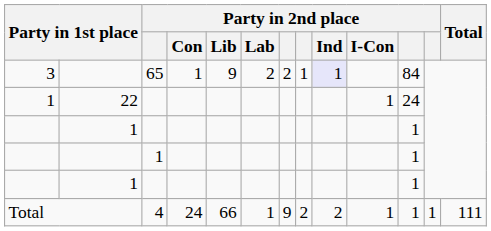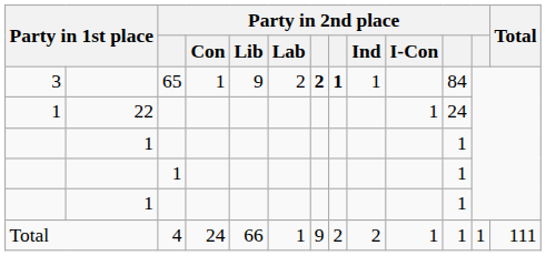 <table class="wikitable" style="text-align:right;">
 <tr>
 <th rowspan="2" colspan="2" style="text-align:left;">Party in 1st place</th>
 <th colspan="10">Party in 2nd place</th>
 <th rowspan="2">Total</th>
 </tr>
 <tr>
 <th></th>
 <th>Con</th>
 <th>Lib</th>
 <th>Lab</th>
 <th></th>
 <th></th>
 <th>Ind</th>
 <th>I-Con</th>
 <th></th>
 <th></th>
 </tr>
 <tr>
 <td>3</td>
 <td></td>
 <td>65</td>
 <td>1</td>
 <td>9</td>
 <td>2</td>
-<td>2</td>
+<td><strong>2</strong></td>
+<td><strong>1</strong></td>
 <td>1</td>
-<td style="background: lavender;">1</td>
 <td></td>
 <td>84</td>
 </tr>
 <tr>
 <td>1</td>
 <td>22</td>
 <td></td>
 <td></td>
 <td></td>
 <td></td>
 <td></td>
 <td></td>
 <td></td>
 <td>1</td>
 <td>24</td>
 </tr>
 <tr>
 <td></td>
 <td>1</td>
 <td></td>
 <td></td>
 <td></td>
 <td></td>
 <td></td>
 <td></td>
 <td></td>
 <td></td>
 <td>1</td>
 </tr>
 <tr>
 <td></td>
 <td></td>
 <td>1</td>
 <td></td>
 <td></td>
 <td></td>
 <td></td>
 <td></td>
 <td></td>
 <td></td>
 <td>1</td>
 </tr>
 <tr>
 <td></td>
 <td>1</td>
 <td></td>
 <td></td>
 <td></td>
 <td></td>
 <td></td>
 <td></td>
 <td></td>
 <td></td>
 <td>1</td>
 </tr>
 <tr>
 <td colspan="2" style="text-align:left;">Total</td>
 <td>4</td>
 <td>24</td>
 <td>66</td>
 <td>1</td>
 <td>9</td>
 <td>2</td>
 <td>2</td>
 <td>1</td>
 <td>1</td>
 <td>1</td>
 <td>111</td>
 </tr>
 </table>
